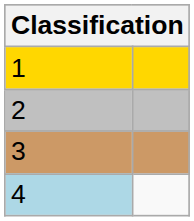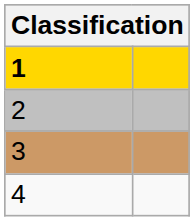 <table class="wikitable" font-size: 90%;>
 <tr>
 <th colspan=2>Classification</th>
 </tr>
 <tr bgcolor=gold valign="top">
-<td>1</td>
+<td><strong>1</strong></td>
 <td></td>
 </tr>
 <tr bgcolor=silver>
 <td>2</td>
 <td></td>
 </tr>
 <tr bgcolor=cc9966>
 <td>3</td>
 <td></td>
 </tr>
 <tr>
-<td style="background: lightblue;">4</td>
+<td>4</td>
 <td></td>
 </tr>
 </table>
